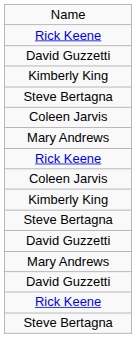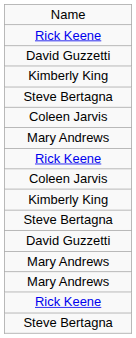 <table class="wikitable" border ="1" cellspacing="1" cellpadding="2" style="text-align:center">
 <tr>
 <td width="150pt">Name</td>
 </tr>
 <tr>
 <td><a href='#'>Rick Keene</a></td>
 </tr>
 <tr>
 <td>David Guzzetti</td>
 </tr>
 <tr>
 <td>Kimberly King</td>
 </tr>
 <tr>
 <td>Steve Bertagna</td>
 </tr>
 <tr>
 <td>Coleen Jarvis</td>
 </tr>
 <tr>
 <td>Mary Andrews</td>
 </tr>
 <tr>
 <td><a href='#'>Rick Keene</a></td>
 </tr>
 <tr>
 <td>Coleen Jarvis</td>
 </tr>
 <tr>
 <td>Kimberly King</td>
 </tr>
 <tr>
 <td>Steve Bertagna</td>
 </tr>
 <tr>
 <td>David Guzzetti</td>
 </tr>
 <tr>
 <td>Mary Andrews</td>
 </tr>
 <tr>
-<td>David Guzzetti</td>
+<td>Mary Andrews</td>
 </tr>
 <tr>
 <td><a href='#'>Rick Keene</a></td>
 </tr>
 <tr>
 <td>Steve Bertagna</td>
 </tr>
 </table>
